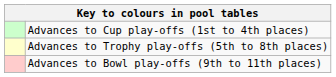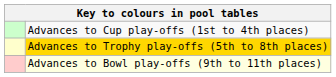 <table class="wikitable">
 <tr>
 <th colspan=2>Key to colours in pool tables</th>
 </tr>
 <tr>
 <td style="background:#ccffcc; width:20px;"></td>
 <td style="text-align:left;">Advances to Cup play-offs (1st to 4th places)</td>
 </tr>
 <tr>
 <td style="background:#ffffcc; width:20px;"></td>
-<td style="text-align:left;">Advances to Trophy play-offs (5th to 8th places)</td>
+<td style="background: gold; text-align:left;">Advances to Trophy play-offs (5th to 8th places)</td>
 </tr>
 <tr>
 <td style="background:#ffcccc; width:20px;"></td>
-<td style="text-align:left;">Advances to Bowl play-offs (9th to 11th places)</td>
+<td style="background: lightyellow; text-align:left;">Advances to Bowl play-offs (9th to 11th places)</td>
 </tr>
 </table>
